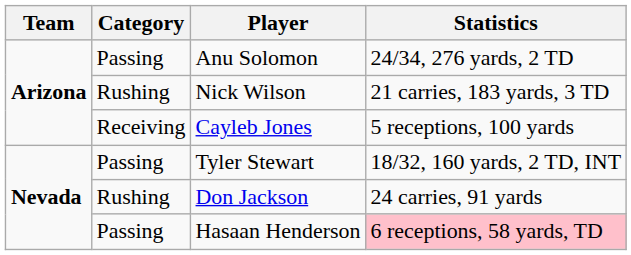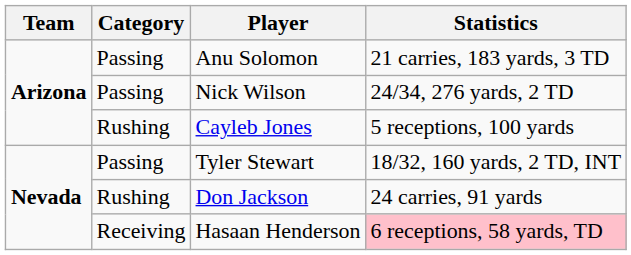 <table class="wikitable" style="float: right;">
 <tr>
 <th>Team</th>
 <th>Category</th>
 <th>Player</th>
 <th>Statistics</th>
 </tr>
 <tr>
 <td rowspan=3><strong>Arizona</strong></td>
 <td>Passing</td>
 <td>Anu Solomon</td>
+<td>21 carries, 183 yards, 3 TD</td>
+</tr>
+<tr>
+<td>Passing</td>
+<td>Nick Wilson</td>
 <td>24/34, 276 yards, 2 TD</td>
 </tr>
 <tr>
 <td>Rushing</td>
-<td>Nick Wilson</td>
-<td>21 carries, 183 yards, 3 TD</td>
-</tr>
-<tr>
-<td>Receiving</td>
 <td><a href='#'>Cayleb Jones</a></td>
 <td>5 receptions, 100 yards</td>
 </tr>
 <tr>
 <td rowspan=3><strong>Nevada</strong></td>
 <td>Passing</td>
 <td>Tyler Stewart</td>
 <td>18/32, 160 yards, 2 TD, INT</td>
 </tr>
 <tr>
 <td>Rushing</td>
 <td><a href='#'>Don Jackson</a></td>
 <td>24 carries, 91 yards</td>
 </tr>
 <tr>
-<td>Passing</td>
+<td>Receiving</td>
 <td>Hasaan Henderson</td>
 <td style="background: pink;">6 receptions, 58 yards, TD</td>
 </tr>
 </table>
